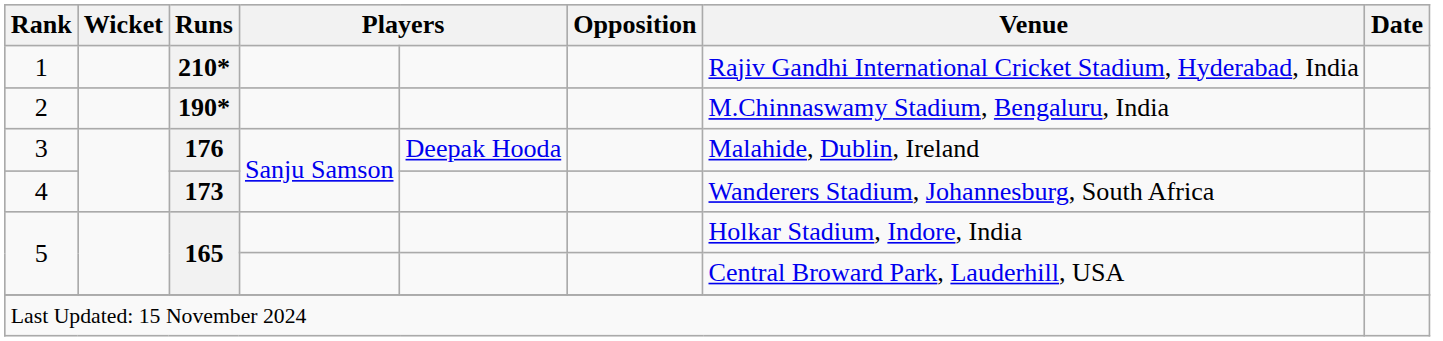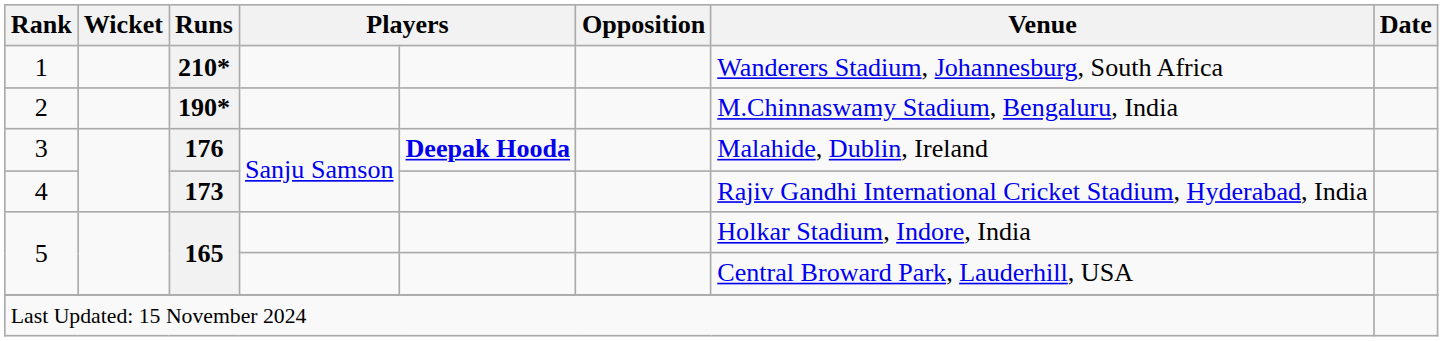 <table class="wikitable sortable">
 <tr>
 <th scope=col>Rank</th>
 <th scope=col>Wicket</th>
 <th scope=col>Runs</th>
 <th scope=col colspan=2>Players</th>
 <th scope=col>Opposition</th>
 <th scope=col>Venue</th>
 <th scope=col>Date</th>
 </tr>
 <tr>
 <td align=center>1</td>
 <td align=center></td>
 <th scope=row style=text-align:center;>210*</th>
 <td></td>
 <td></td>
 <td></td>
-<td><a href='#'>Rajiv Gandhi International Cricket Stadium</a>, <a href='#'>Hyderabad</a>, India</td>
+<td><a href='#'>Wanderers Stadium</a>, <a href='#'>Johannesburg</a>, South Africa</td>
 <td></td>
 </tr>
 <tr>
 <td align=center>2</td>
 <td align=center></td>
 <th scope=row style=text-align:center;>190*</th>
 <td></td>
 <td></td>
 <td></td>
 <td><a href='#'>M.Chinnaswamy Stadium</a>, <a href='#'>Bengaluru</a>, India</td>
 <td></td>
 </tr>
 <tr>
 <td align=center>3</td>
 <td align=center rowspan=2></td>
 <th scope=row style=text-align:center;>176</th>
 <td rowspan=2><a href='#'>Sanju Samson</a></td>
-<td><a href='#'>Deepak Hooda</a></td>
+<td><strong><a href='#'>Deepak Hooda</a></strong></td>
 <td></td>
 <td><a href='#'>Malahide</a>, <a href='#'>Dublin</a>, Ireland</td>
 <td></td>
 </tr>
 <tr>
 <td align=center>4</td>
 <th scope=row style=text-align:center;>173</th>
 <td></td>
 <td></td>
-<td><a href='#'>Wanderers Stadium</a>, <a href='#'>Johannesburg</a>, South Africa</td>
+<td><a href='#'>Rajiv Gandhi International Cricket Stadium</a>, <a href='#'>Hyderabad</a>, India</td>
 <td></td>
 </tr>
 <tr>
 <td align=center rowspan=2>5</td>
 <td align=center rowspan=2></td>
 <th scope=row style=text-align:center; rowspan=2>165</th>
 <td></td>
 <td></td>
 <td></td>
 <td><a href='#'>Holkar Stadium</a>, <a href='#'>Indore</a>, India</td>
 <td></td>
 </tr>
 <tr>
 <td></td>
 <td></td>
 <td></td>
 <td><a href='#'>Central Broward Park</a>, <a href='#'>Lauderhill</a>, USA</td>
 <td></td>
 </tr>
 <tr>
 </tr>
 <tr class=sortbottom>
 <td colspan=7><small>Last Updated: 15 November 2024</small></td>
 </tr>
 </table>
